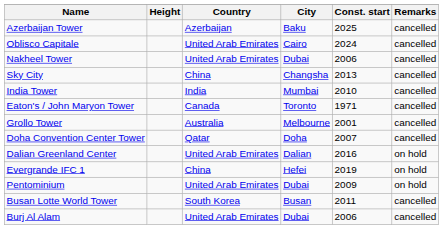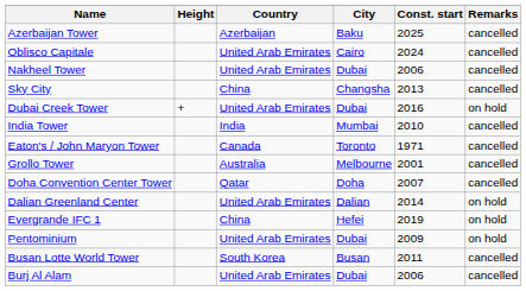 <table class="wikitable sortable sticky-header" font=90%">
 <tr style="background-color:#CEF2E0">
 </tr>
 <tr>
 <th>Name</th>
 <th>Height</th>
 <th>Country</th>
 <th>City</th>
 <th>Const. start</th>
 <th>Remarks</th>
 </tr>
 <tr>
 <td><a href='#'>Azerbaijan Tower</a></td>
 <td></td>
 <td><a href='#'>Azerbaijan</a></td>
 <td><a href='#'>Baku</a></td>
 <td>2025</td>
 <td>cancelled</td>
 </tr>
 <tr>
 <td><a href='#'>Oblisco Capitale</a></td>
 <td></td>
 <td><a href='#'>United Arab Emirates</a></td>
 <td><a href='#'>Cairo</a></td>
 <td>2024</td>
 <td>cancelled</td>
 </tr>
 <tr>
 <td><a href='#'>Nakheel Tower</a></td>
 <td></td>
 <td><a href='#'>United Arab Emirates</a></td>
 <td><a href='#'>Dubai</a></td>
 <td>2006</td>
 <td>cancelled</td>
 </tr>
 <tr>
 <td><a href='#'>Sky City</a></td>
 <td></td>
 <td><a href='#'>China</a></td>
 <td><a href='#'>Changsha</a></td>
 <td>2013</td>
 <td>cancelled</td>
 </tr>
 <tr>
+<td><a href='#'>Dubai Creek Tower</a></td>
+<td>+</td>
+<td><a href='#'>United Arab Emirates</a></td>
+<td><a href='#'>Dubai</a></td>
+<td>2016</td>
+<td>on hold</td>
+</tr>
+<tr>
 <td><a href='#'>India Tower</a></td>
 <td></td>
 <td><a href='#'>India</a></td>
 <td><a href='#'>Mumbai</a></td>
 <td>2010</td>
 <td>cancelled</td>
 </tr>
 <tr>
 <td><a href='#'>Eaton's / John Maryon Tower</a></td>
 <td></td>
 <td><a href='#'>Canada</a></td>
 <td><a href='#'>Toronto</a></td>
 <td>1971</td>
 <td>cancelled</td>
 </tr>
 <tr>
 <td><a href='#'>Grollo Tower</a></td>
 <td></td>
 <td><a href='#'>Australia</a></td>
 <td><a href='#'>Melbourne</a></td>
 <td>2001</td>
 <td>cancelled</td>
 </tr>
 <tr>
 <td><a href='#'>Doha Convention Center Tower</a></td>
 <td></td>
 <td><a href='#'>Qatar</a></td>
 <td><a href='#'>Doha</a></td>
 <td>2007</td>
 <td>cancelled</td>
 </tr>
 <tr>
 <td><a href='#'>Dalian Greenland Center</a></td>
 <td></td>
 <td><a href='#'>United Arab Emirates</a></td>
 <td><a href='#'>Dalian</a></td>
-<td>2016</td>
+<td>2014</td>
 <td>on hold</td>
 </tr>
 <tr>
 <td><a href='#'>Evergrande IFC 1</a></td>
 <td></td>
 <td><a href='#'>China</a></td>
 <td><a href='#'>Hefei</a></td>
 <td>2019</td>
 <td>on hold</td>
 </tr>
 <tr>
 <td><a href='#'>Pentominium</a></td>
 <td></td>
 <td><a href='#'>United Arab Emirates</a></td>
 <td><a href='#'>Dubai</a></td>
 <td>2009</td>
 <td>on hold</td>
 </tr>
 <tr>
 <td><a href='#'>Busan Lotte World Tower</a></td>
 <td></td>
 <td><a href='#'>South Korea</a></td>
 <td><a href='#'>Busan</a></td>
 <td>2011</td>
 <td>cancelled</td>
 </tr>
 <tr>
 <td><a href='#'>Burj Al Alam</a></td>
 <td></td>
 <td><a href='#'>United Arab Emirates</a></td>
 <td><a href='#'>Dubai</a></td>
 <td>2006</td>
 <td>cancelled</td>
 </tr>
 </table>
